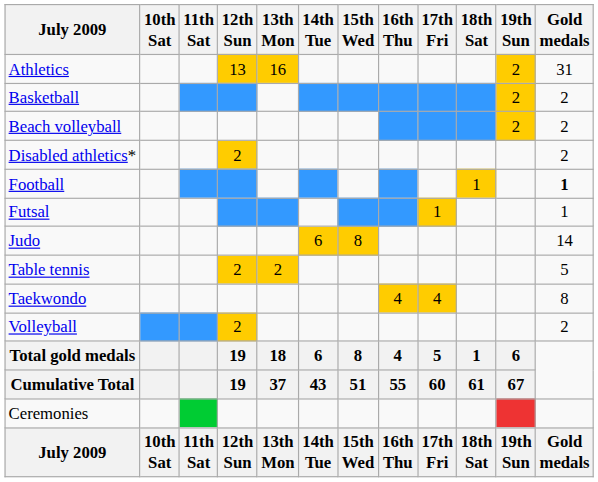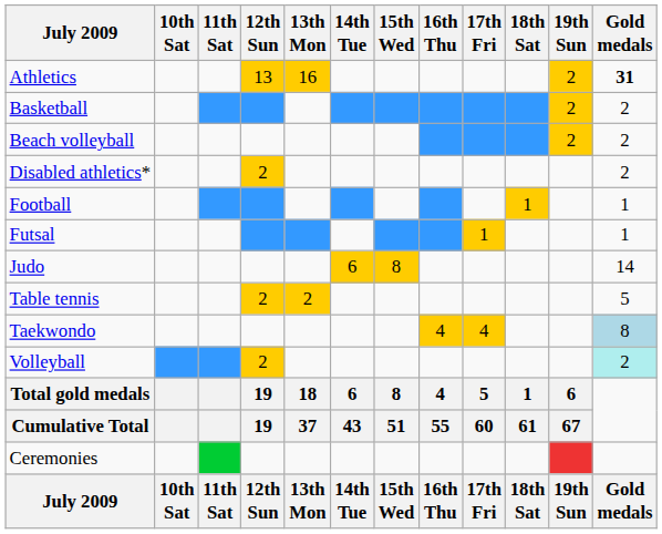 <table class="wikitable" style="margin:0.5em auto; font-size:90%; line-height:1.25em; text-align:center;">
 <tr>
 <th>July 2009</th>
 <th>10th<br>Sat</th>
 <th>11th<br>Sat</th>
 <th>12th<br>Sun</th>
 <th>13th<br>Mon</th>
 <th>14th<br>Tue</th>
 <th>15th<br>Wed</th>
 <th>16th<br>Thu</th>
 <th>17th<br>Fri</th>
 <th>18th<br>Sat</th>
 <th>19th<br>Sun</th>
 <th>Gold<br>medals</th>
 </tr>
 <tr>
 <td align="left"> <a href='#'>Athletics</a></td>
 <td></td>
 <td></td>
 <td bgcolor="#ffcc00">13</td>
 <td bgcolor="#ffcc00">16</td>
 <td></td>
 <td></td>
 <td></td>
 <td></td>
 <td></td>
 <td bgcolor="#ffcc00">2</td>
-<td>31</td>
+<td><strong>31</strong></td>
 </tr>
 <tr>
 <td align="left"> <a href='#'>Basketball</a></td>
 <td></td>
 <td bgcolor="#3399ff"></td>
 <td bgcolor="#3399ff"></td>
 <td></td>
 <td bgcolor="#3399ff"></td>
 <td bgcolor="#3399ff"></td>
 <td bgcolor="#3399ff"></td>
 <td bgcolor="#3399ff"></td>
 <td bgcolor="#3399ff"></td>
 <td bgcolor="#ffcc00">2</td>
 <td>2</td>
 </tr>
 <tr>
 <td align="left"> <a href='#'>Beach volleyball</a></td>
 <td></td>
 <td></td>
 <td></td>
 <td></td>
 <td></td>
 <td></td>
 <td bgcolor="#3399ff"></td>
 <td bgcolor="#3399ff"></td>
 <td bgcolor="#3399ff"></td>
 <td bgcolor="#ffcc00">2</td>
 <td>2</td>
 </tr>
 <tr>
 <td align="left"> <a href='#'>Disabled athletics</a>*</td>
 <td></td>
 <td></td>
 <td bgcolor="#ffcc00">2</td>
 <td></td>
 <td></td>
 <td></td>
 <td></td>
 <td></td>
 <td></td>
 <td></td>
 <td>2</td>
 </tr>
 <tr>
 <td align="left"> <a href='#'>Football</a></td>
 <td></td>
 <td bgcolor="#3399ff"></td>
 <td bgcolor="#3399ff"></td>
 <td></td>
 <td bgcolor="#3399ff"></td>
 <td></td>
 <td bgcolor="#3399ff"></td>
 <td></td>
 <td bgcolor="#ffcc00">1</td>
 <td></td>
-<td><strong>1</strong></td>
+<td>1</td>
 </tr>
 <tr>
 <td align="left"> <a href='#'>Futsal</a></td>
 <td></td>
 <td></td>
 <td bgcolor="#3399ff"></td>
 <td bgcolor="#3399ff"></td>
 <td></td>
 <td bgcolor="#3399ff"></td>
 <td bgcolor="#3399ff"></td>
 <td bgcolor="#ffcc00">1</td>
 <td></td>
 <td></td>
 <td>1</td>
 </tr>
 <tr>
 <td align="left"> <a href='#'>Judo</a></td>
 <td></td>
 <td></td>
 <td></td>
 <td></td>
 <td bgcolor="#ffcc00">6</td>
 <td bgcolor="#ffcc00">8</td>
 <td></td>
 <td></td>
 <td></td>
 <td></td>
 <td>14</td>
 </tr>
 <tr>
 <td align="left"> <a href='#'>Table tennis</a></td>
 <td></td>
 <td></td>
 <td bgcolor="#ffcc00">2</td>
 <td bgcolor="#ffcc00">2</td>
 <td></td>
 <td></td>
 <td></td>
 <td></td>
 <td></td>
 <td></td>
 <td>5</td>
 </tr>
 <tr>
 <td align="left"> <a href='#'>Taekwondo</a></td>
 <td></td>
 <td></td>
 <td></td>
 <td></td>
 <td></td>
 <td></td>
 <td bgcolor="#ffcc00">4</td>
 <td bgcolor="#ffcc00">4</td>
 <td></td>
 <td></td>
-<td>8</td>
+<td style="background: lightblue;">8</td>
 </tr>
 <tr>
 <td align="left"> <a href='#'>Volleyball</a></td>
 <td bgcolor="#3399ff"></td>
 <td bgcolor="#3399ff"></td>
 <td bgcolor="#ffcc00">2</td>
 <td></td>
 <td></td>
 <td></td>
 <td></td>
 <td></td>
 <td></td>
 <td></td>
-<td>2</td>
+<td style="background: paleturquoise;">2</td>
 </tr>
 <tr>
 <th>Total gold medals</th>
 <th></th>
 <th></th>
 <th>19</th>
 <th>18</th>
 <th>6</th>
 <th>8</th>
 <th>4</th>
 <th>5</th>
 <th>1</th>
 <th>6</th>
 </tr>
 <tr>
 <th>Cumulative Total</th>
 <th></th>
 <th></th>
 <th>19</th>
 <th>37</th>
 <th>43</th>
 <th>51</th>
 <th>55</th>
 <th>60</th>
 <th>61</th>
 <th>67</th>
 </tr>
 <tr>
 <td align="left">Ceremonies</td>
 <td></td>
 <td bgcolor="#00cc33"> </td>
 <td></td>
 <td></td>
 <td></td>
 <td></td>
 <td></td>
 <td></td>
 <td></td>
 <td bgcolor="#ee3333"> </td>
 <td></td>
 </tr>
 <tr>
 <th>July 2009</th>
 <th>10th<br>Sat</th>
 <th>11th<br>Sat</th>
 <th>12th<br>Sun</th>
 <th>13th<br>Mon</th>
 <th>14th<br>Tue</th>
 <th>15th<br>Wed</th>
 <th>16th<br>Thu</th>
 <th>17th<br>Fri</th>
 <th>18th<br>Sat</th>
 <th>19th<br>Sun</th>
 <th>Gold<br>medals</th>
 </tr>
 </table>
